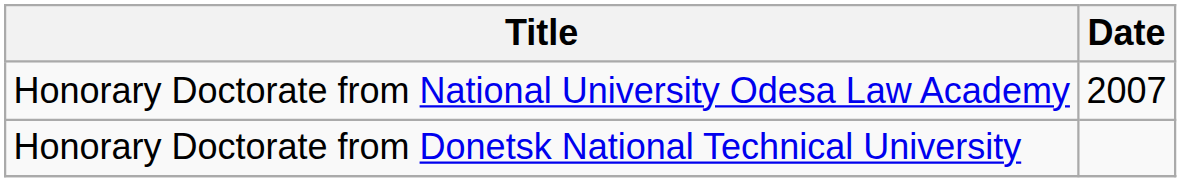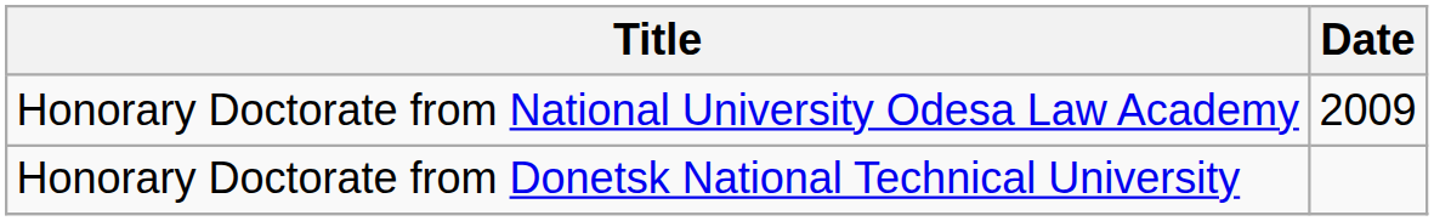 <table class="wikitable">
 <tr>
 <th>Title</th>
 <th>Date</th>
 </tr>
 <tr>
 <td>Honorary Doctorate from <a href='#'>National University Odesa Law Academy</a></td>
-<td>2007</td>
+<td>2009</td>
 </tr>
 <tr>
 <td>Honorary Doctorate from <a href='#'>Donetsk National Technical University</a></td>
 <td></td>
 </tr>
 <tr>
 </tr>
 </table>
